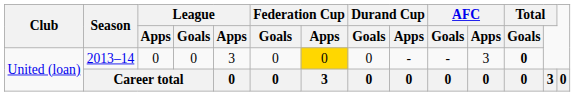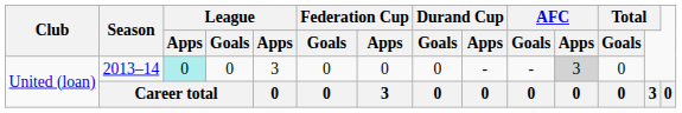 <table class="wikitable" style="text-align: center;">
 <tr>
 <th rowspan="2">Club</th>
 <th rowspan="2">Season</th>
 <th colspan="3">League</th>
 <th colspan="2">Federation Cup</th>
 <th colspan="2">Durand Cup</th>
 <th colspan="2"><a href='#'>AFC</a></th>
 <th colspan="2">Total</th>
 </tr>
 <tr>
 <th>Apps</th>
 <th>Goals</th>
 <th>Apps</th>
 <th>Goals</th>
 <th>Apps</th>
 <th>Goals</th>
 <th>Apps</th>
 <th>Goals</th>
 <th>Apps</th>
 <th>Goals</th>
 </tr>
 <tr>
 <td rowspan="2"><a href='#'>United (loan)</a></td>
 <td><a href='#'>2013–14</a></td>
-<td>0</td>
+<td style="background: paleturquoise;">0</td>
 <td>0</td>
 <td>3</td>
 <td>0</td>
-<td style="background: gold;">0</td>
+<td>0</td>
 <td>0</td>
 <td>-</td>
 <td>-</td>
-<td>3</td>
-<td><strong>0</strong></td>
+<td style="background: lightgrey;">3</td>
+<td>0</td>
 </tr>
 <tr>
 <th colspan="3">Career total</th>
 <th>0</th>
 <th>0</th>
 <th>3</th>
 <th>0</th>
 <th>0</th>
 <th>0</th>
 <th>0</th>
 <th>0</th>
 <th>3</th>
 <th>0</th>
 </tr>
 </table>
